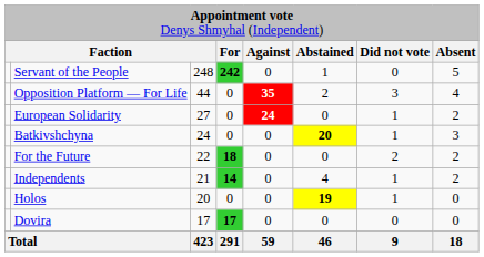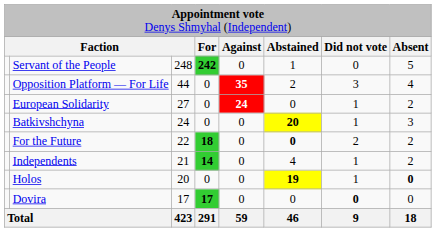 <table class="wikitable" style=text-align:center>
 <tr>
 <td colspan="8" align="center" bgcolor="#C0C0C0"><strong>Appointment vote</strong><br><a href='#'>Denys Shmyhal</a> (<a href='#'>Independent</a>)</td>
 </tr>
 <tr>
 <th colspan="3">Faction</th>
 <th>For</th>
 <th>Against</th>
 <th>Abstained</th>
 <th>Did not vote</th>
 <th>Absent</th>
 </tr>
 <tr>
 <td style="background:"></td>
 <td style="text-align:left;"><a href='#'>Servant of the People</a></td>
 <td>248</td>
 <td style="text-align:center;background-color:limegreen;"><strong>242</strong></td>
 <td>0</td>
 <td>1</td>
 <td>0</td>
 <td>5</td>
 </tr>
 <tr>
 <td style="background:"></td>
 <td style="text-align:left;"><a href='#'>Opposition Platform — For Life</a></td>
 <td>44</td>
 <td>0</td>
 <td style="text-align:center;background-color:red;color:white;"><strong>35</strong></td>
 <td>2</td>
 <td>3</td>
 <td>4</td>
 </tr>
 <tr>
 <td style="background:"></td>
 <td style="text-align:left;"><a href='#'>European Solidarity</a></td>
 <td>27</td>
 <td>0</td>
 <td style="text-align:center;background-color:red;color:white;"><strong>24</strong></td>
 <td>0</td>
 <td>1</td>
 <td>2</td>
 </tr>
 <tr>
 <td style="background:"></td>
 <td style="text-align:left;"><a href='#'>Batkivshchyna</a></td>
 <td>24</td>
 <td>0</td>
 <td>0</td>
 <td style="text-align:center;background-color:yellow;"><strong>20</strong></td>
 <td>1</td>
 <td>3</td>
 </tr>
 <tr>
 <td style="background:"></td>
 <td style="text-align:left;"><a href='#'>For the Future</a></td>
 <td>22</td>
 <td style="text-align:center;background-color:limegreen;"><strong>18</strong></td>
 <td>0</td>
-<td>0</td>
+<td><strong>0</strong></td>
 <td>2</td>
 <td>2</td>
 </tr>
 <tr>
 <td style="background:"></td>
 <td style="text-align:left;"><a href='#'>Independents</a></td>
 <td>21</td>
 <td style="text-align:center;background-color:limegreen;"><strong>14</strong></td>
 <td>0</td>
 <td>4</td>
 <td>1</td>
 <td>2</td>
 </tr>
 <tr>
 <td style="background:"></td>
 <td style="text-align:left;"><a href='#'>Holos</a></td>
 <td>20</td>
 <td>0</td>
 <td>0</td>
 <td style="text-align:center;background-color:yellow;"><strong>19</strong></td>
 <td>1</td>
-<td>0</td>
+<td><strong>0</strong></td>
 </tr>
 <tr>
 <td style="background:"></td>
 <td style="text-align:left;"><a href='#'>Dovira</a></td>
 <td>17</td>
 <td style="text-align:center;background-color:limegreen;"><strong>17</strong></td>
 <td>0</td>
 <td>0</td>
-<td>0</td>
+<td><strong>0</strong></td>
 <td>0</td>
 </tr>
 <tr>
 <th style="text-align:left;" colspan="2">Total</th>
 <th>423</th>
 <th>291</th>
 <th>59</th>
 <th>46</th>
 <th>9</th>
 <th>18</th>
 </tr>
 </table>
